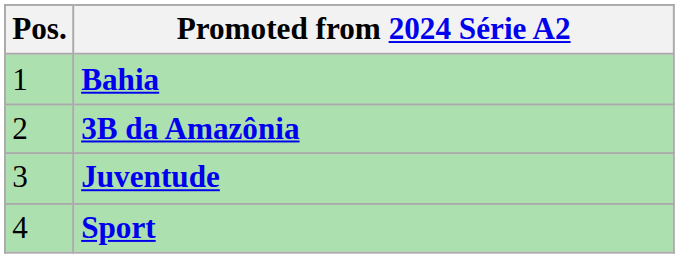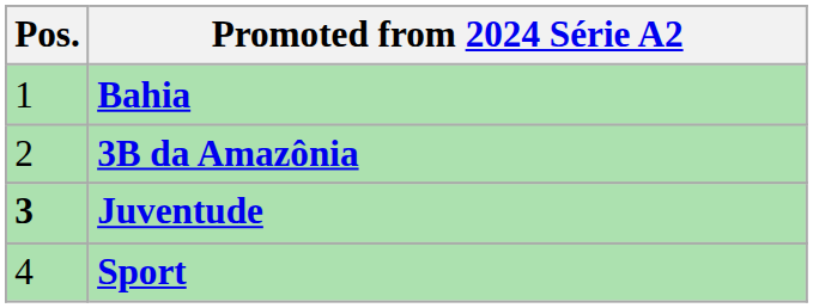 <table class="wikitable">
 <tr>
 <th style="text-align:center;">Pos.</th>
 <th width=300>Promoted from <a href='#'>2024 Série A2</a></th>
 </tr>
 <tr style="background: #ACE1AF;">
 <td>1</td>
 <td><strong><a href='#'>Bahia</a></strong></td>
 </tr>
 <tr style="background: #ACE1AF;">
 <td>2</td>
 <td><strong><a href='#'>3B da Amazônia</a></strong></td>
 </tr>
 <tr style="background: #ACE1AF;">
-<td>3</td>
+<td><strong>3</strong></td>
 <td><strong><a href='#'>Juventude</a></strong></td>
 </tr>
 <tr style="background: #ACE1AF;">
 <td>4</td>
 <td><strong><a href='#'>Sport</a></strong></td>
 </tr>
 </table>
